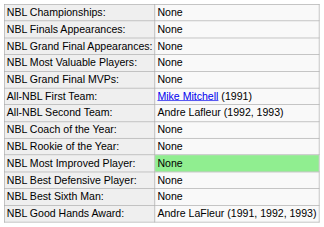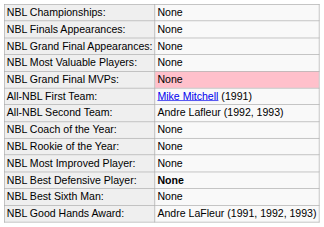 <table class="wikitable">
 <tr align=left>
 <td style="background:#efefef;">NBL Championships:</td>
 <td>None</td>
 </tr>
 <tr>
 <td style="background:#efefef;">NBL Finals Appearances:</td>
 <td>None</td>
 </tr>
 <tr>
 <td style="background:#efefef;">NBL Grand Final Appearances:</td>
 <td>None</td>
 </tr>
 <tr>
 <td style="background:#efefef;">NBL Most Valuable Players:</td>
 <td>None</td>
 </tr>
 <tr>
 <td style="background:#efefef;">NBL Grand Final MVPs:</td>
-<td>None</td>
+<td style="background: pink;">None</td>
 </tr>
 <tr>
 <td style="background:#efefef;">All-NBL First Team:</td>
 <td><a href='#'>Mike Mitchell</a> (1991)</td>
 </tr>
 <tr>
 <td style="background:#efefef;">All-NBL Second Team:</td>
 <td>Andre Lafleur (1992, 1993)</td>
 </tr>
 <tr>
 <td style="background:#efefef;">NBL Coach of the Year:</td>
 <td>None</td>
 </tr>
 <tr>
 <td style="background:#efefef;">NBL Rookie of the Year:</td>
 <td>None</td>
 </tr>
 <tr>
 <td style="background:#efefef;">NBL Most Improved Player:</td>
-<td style="background: lightgreen;">None</td>
+<td>None</td>
 </tr>
 <tr>
 <td style="background:#efefef;">NBL Best Defensive Player:</td>
-<td>None</td>
+<td><strong>None</strong></td>
 </tr>
 <tr>
 <td style="background:#efefef;">NBL Best Sixth Man:</td>
 <td>None</td>
 </tr>
 <tr>
 <td style="background:#efefef;">NBL Good Hands Award:</td>
 <td>Andre LaFleur (1991, 1992, 1993)</td>
 </tr>
 </table>
